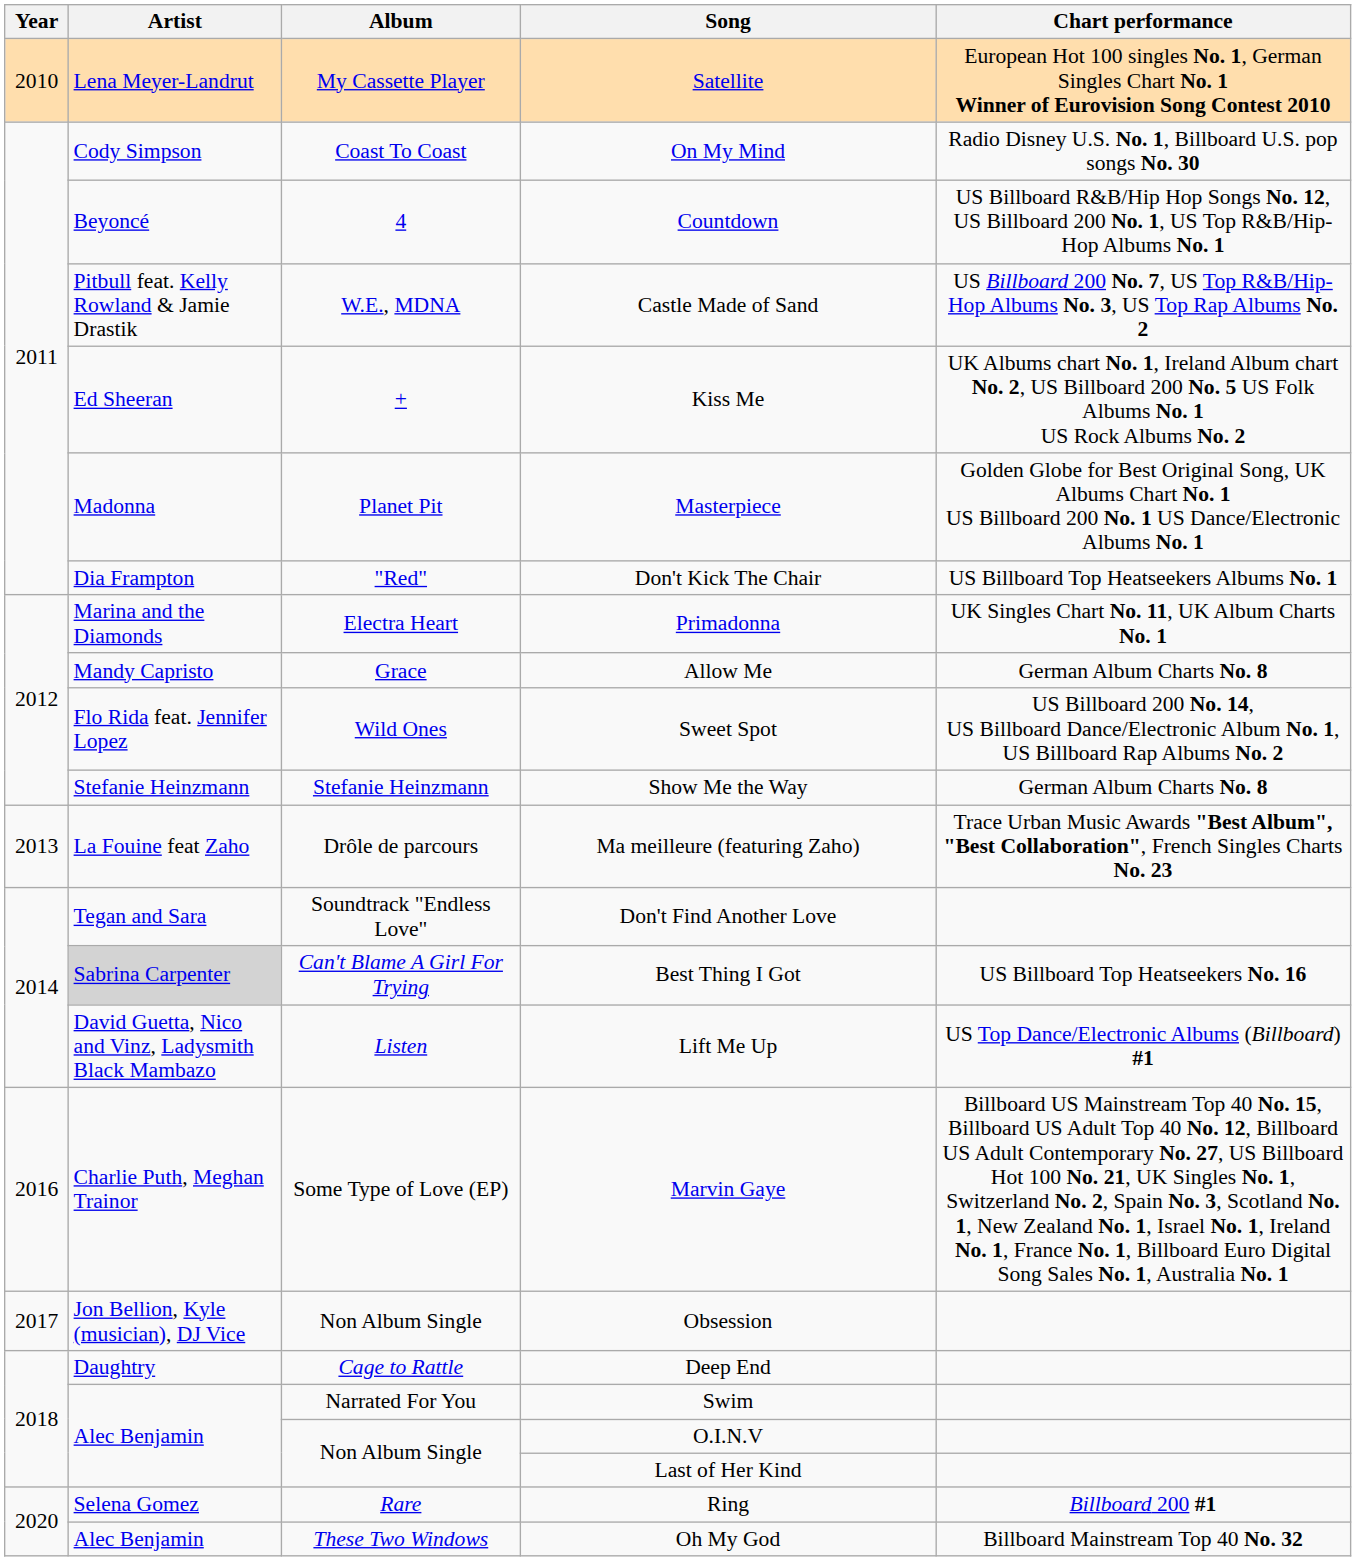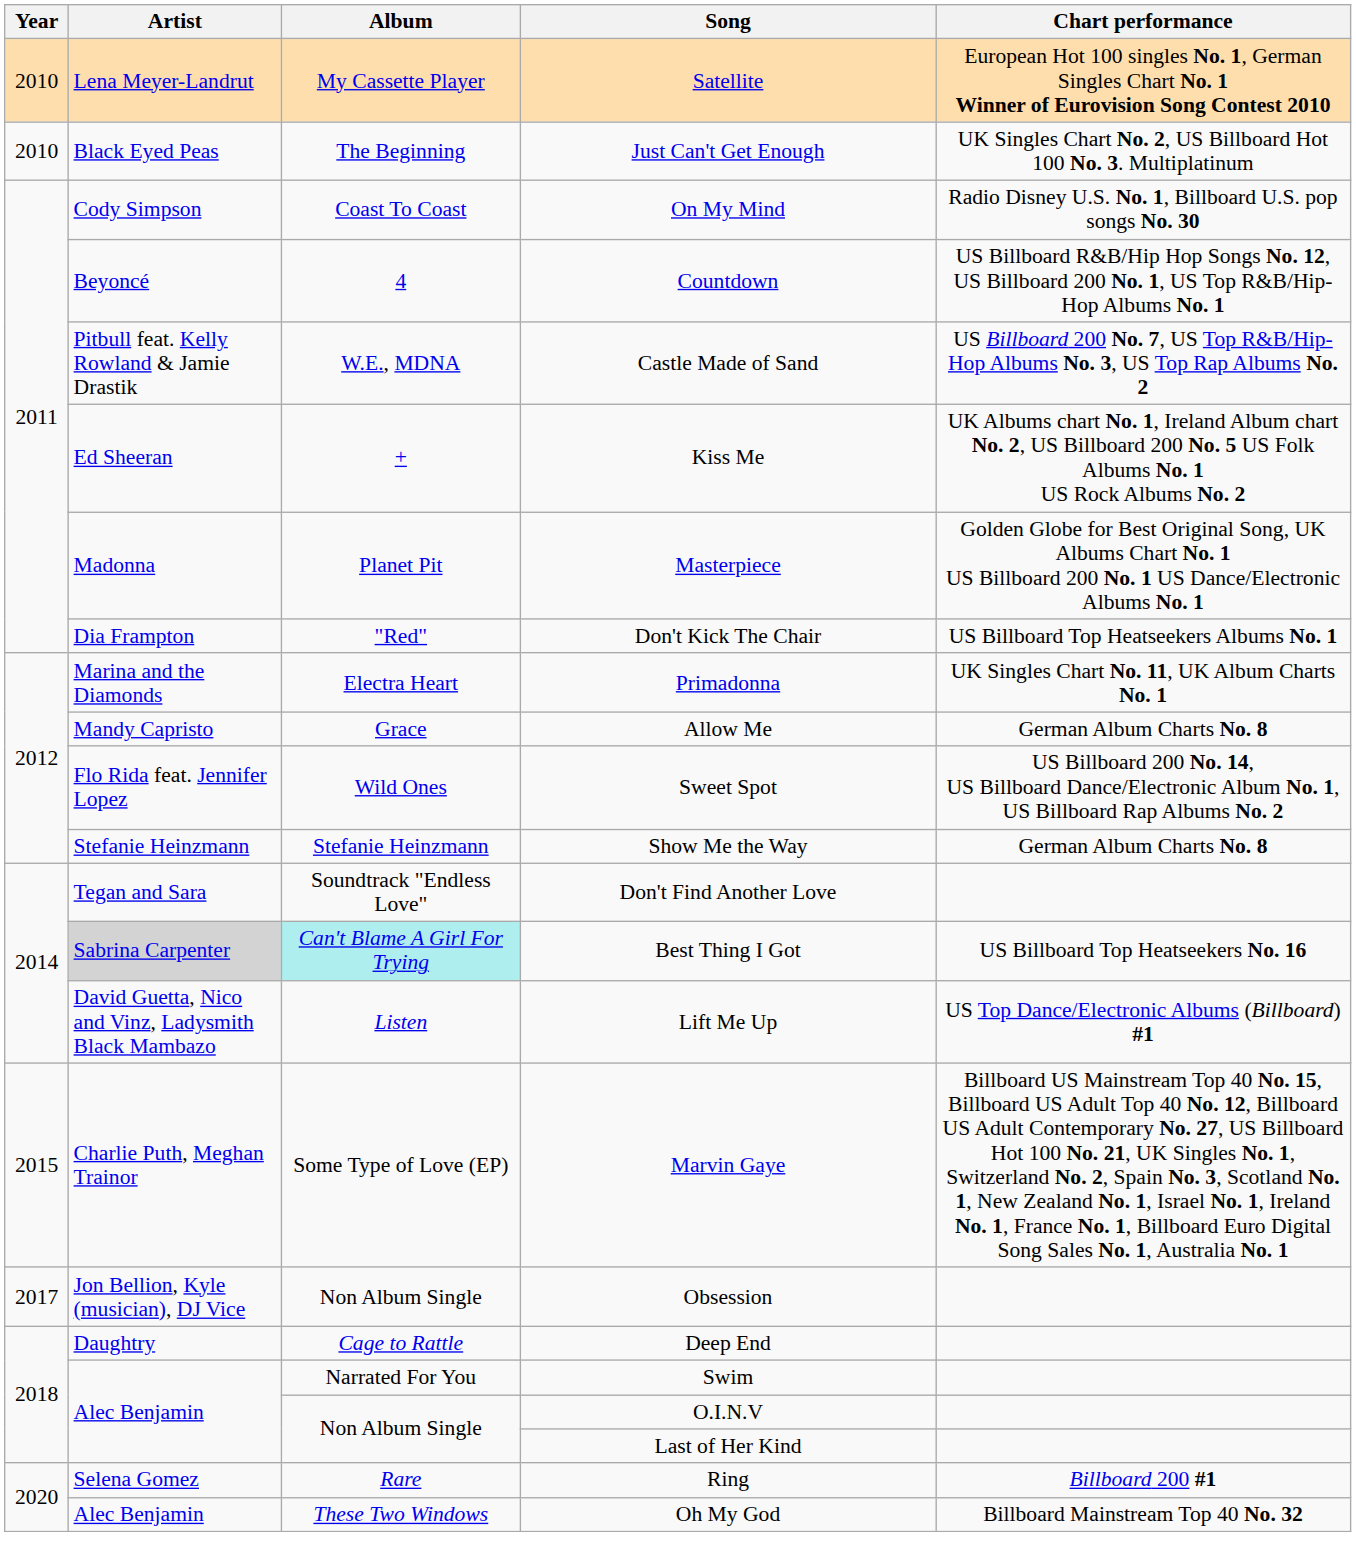 <table class="wikitable">
 <tr>
 <th align="center" valign="top" width="40">Year</th>
 <th align="center" valign="top" width="150">Artist</th>
 <th align="center" valign="top" width="170">Album</th>
 <th align="center" valign="top" width="300">Song</th>
 <th align="center" valign="top" width="300">Chart performance</th>
 </tr>
 <tr bgcolor="navajowhite">
 <td align="center">2010</td>
 <td align="left"><a href='#'>Lena Meyer-Landrut</a></td>
 <td align="center"><a href='#'>My Cassette Player</a></td>
 <td align="center"><a href='#'>Satellite</a></td>
 <td align="center">European Hot 100 singles <strong>No. 1</strong>, German Singles Chart <strong>No. 1</strong> <br> <strong>Winner of Eurovision Song Contest 2010</strong></td>
+</tr>
+<tr>
+<td align="center">2010</td>
+<td align="left"><a href='#'>Black Eyed Peas</a></td>
+<td align="center"><a href='#'>The Beginning</a></td>
+<td align="center"><a href='#'>Just Can't Get Enough</a></td>
+<td align="center">UK Singles Chart <strong>No. 2</strong>, US Billboard Hot 100 <strong>No. 3</strong>. Multiplatinum</td>
 </tr>
 <tr>
 <td rowspan="6" align="center">2011</td>
 <td align="left"><a href='#'>Cody Simpson</a></td>
 <td align="center"><a href='#'>Coast To Coast</a></td>
 <td align="center"><a href='#'>On My Mind</a></td>
 <td align="center">Radio Disney U.S. <strong>No. 1</strong>, Billboard U.S. pop songs <strong>No. 30</strong></td>
 </tr>
 <tr>
 <td align="left"><a href='#'>Beyoncé</a></td>
 <td align="center"><a href='#'>4</a></td>
 <td align="center"><a href='#'>Countdown</a></td>
 <td align="center">US Billboard R&B/Hip Hop Songs <strong>No. 12</strong>, US Billboard 200 <strong>No. 1</strong>, US Top R&B/Hip-Hop Albums <strong>No. 1</strong></td>
 </tr>
 <tr>
 <td align="left"><a href='#'>Pitbull</a> feat. <a href='#'>Kelly Rowland</a> & Jamie Drastik</td>
 <td align="center"><a href='#'>W.E.</a>, <a href='#'>MDNA</a></td>
 <td align="center">Castle Made of Sand</td>
 <td align="center">US <a href='#'><em>Billboard</em> 200</a> <strong>No. 7</strong>, US <a href='#'>Top R&B/Hip-Hop Albums</a> <strong>No. 3</strong>, US <a href='#'>Top Rap Albums</a> <strong>No. 2</strong></td>
 </tr>
 <tr>
 <td align="left"><a href='#'>Ed Sheeran</a></td>
 <td align="center"><a href='#'>+</a></td>
 <td align="center">Kiss Me</td>
 <td align="center">UK Albums chart <strong>No. 1</strong>, Ireland Album chart <strong>No. 2</strong>, US Billboard 200 <strong>No. 5</strong> US Folk Albums <strong>No. 1</strong><br>US Rock Albums <strong>No. 2</strong></td>
 </tr>
 <tr>
 <td align="left"><a href='#'>Madonna</a></td>
 <td align="center"><a href='#'>Planet Pit</a></td>
 <td align="center"><a href='#'>Masterpiece</a></td>
 <td align="center">Golden Globe for Best Original Song, UK Albums Chart <strong>No. 1</strong><br>US Billboard 200 <strong>No. 1</strong> US Dance/Electronic Albums <strong>No. 1</strong></td>
 </tr>
 <tr>
 <td align="left"><a href='#'>Dia Frampton</a></td>
 <td align="center"><a href='#'>"Red"</a></td>
 <td align="center">Don't Kick The Chair</td>
 <td align="center">US Billboard Top Heatseekers Albums <strong>No. 1</strong></td>
 </tr>
 <tr>
 <td rowspan="4" align="center">2012</td>
 <td align="left"><a href='#'>Marina and the Diamonds</a></td>
 <td align="center"><a href='#'>Electra Heart</a></td>
 <td align="center"><a href='#'>Primadonna</a></td>
 <td align="center">UK Singles Chart <strong>No. 11</strong>, UK Album Charts <strong>No. 1</strong></td>
 </tr>
 <tr>
 <td align="left"><a href='#'>Mandy Capristo</a></td>
 <td align="center"><a href='#'>Grace</a></td>
 <td align="center">Allow Me</td>
 <td align="center">German Album Charts <strong>No. 8</strong></td>
 </tr>
 <tr>
 <td align="left"><a href='#'>Flo Rida</a> feat. <a href='#'>Jennifer Lopez</a></td>
 <td align="center"><a href='#'>Wild Ones</a></td>
 <td align="center">Sweet Spot</td>
 <td align="center">US Billboard 200 <strong>No. 14</strong>,<br>US Billboard Dance/Electronic Album <strong>No. 1</strong>, US Billboard Rap Albums <strong>No. 2</strong></td>
 </tr>
 <tr>
 <td align="left"><a href='#'>Stefanie Heinzmann</a></td>
 <td align="center"><a href='#'>Stefanie Heinzmann</a></td>
 <td align="center">Show Me the Way</td>
 <td align="center">German Album Charts <strong>No. 8</strong></td>
 </tr>
 <tr>
-<td align="center">2013</td>
-<td align="left"><a href='#'>La Fouine</a> feat <a href='#'>Zaho</a></td>
-<td align="center">Drôle de parcours</td>
-<td align="center">Ma meilleure (featuring Zaho)</td>
-<td align="center">Trace Urban Music Awards <strong>"Best Album", "Best Collaboration"</strong>, French Singles Charts <strong>No. 23</strong></td>
-</tr>
-<tr>
 <td rowspan="3" align="center">2014</td>
 <td align="left"><a href='#'>Tegan and Sara</a></td>
 <td align="center">Soundtrack "Endless Love"</td>
 <td align="center">Don't Find Another Love</td>
 <td align="center"></td>
 </tr>
 <tr>
 <td align="left" style="background: lightgrey;"><a href='#'>Sabrina Carpenter</a></td>
-<td align="center"><a href='#'><em>Can't Blame A Girl For Trying</em></a></td>
+<td align="center" style="background: paleturquoise;"><a href='#'><em>Can't Blame A Girl For Trying</em></a></td>
 <td align="center">Best Thing I Got</td>
 <td align="center">US Billboard Top Heatseekers <strong>No. 16</strong></td>
 </tr>
 <tr>
 <td align="left"><a href='#'>David Guetta</a>, <a href='#'>Nico and Vinz</a>, <a href='#'>Ladysmith Black Mambazo</a></td>
 <td align="center"><a href='#'><em>Listen</em></a></td>
 <td align="center">Lift Me Up</td>
 <td align="center">US <a href='#'>Top Dance/Electronic Albums</a> (<em>Billboard</em>) <strong>#1</strong></td>
 </tr>
 <tr>
-<td align="center">2016</td>
+<td align="center">2015</td>
 <td align="left"><a href='#'>Charlie Puth</a>, <a href='#'>Meghan Trainor</a></td>
 <td align="center">Some Type of Love (EP)</td>
 <td align="center"><a href='#'>Marvin Gaye</a></td>
 <td align="center">Billboard US Mainstream Top 40 <strong>No. 15</strong>, Billboard US Adult Top 40 <strong>No. 12</strong>, Billboard US Adult Contemporary  <strong>No. 27</strong>, US Billboard Hot 100 <strong>No. 21</strong>, UK Singles <strong>No. 1</strong>, Switzerland <strong>No. 2</strong>, Spain <strong>No. 3</strong>, Scotland <strong>No. 1</strong>, New Zealand <strong>No. 1</strong>, Israel <strong>No. 1</strong>, Ireland <strong>No. 1</strong>, France <strong>No. 1</strong>, Billboard Euro Digital Song Sales <strong>No. 1</strong>, Australia <strong>No. 1</strong></td>
 </tr>
 <tr>
 <td align="center">2017</td>
 <td align="left"><a href='#'>Jon Bellion</a>, <a href='#'>Kyle (musician)</a>, <a href='#'>DJ Vice</a></td>
 <td align="center">Non Album Single</td>
 <td align="center">Obsession</td>
 <td align="center"></td>
 </tr>
 <tr>
 <td rowspan="4" align="center">2018</td>
 <td align="left"><a href='#'>Daughtry</a></td>
 <td align="center"><em><a href='#'>Cage to Rattle</a></em></td>
 <td align="center">Deep End</td>
 <td align="center"></td>
 </tr>
 <tr>
 <td rowspan="3" align="left"><a href='#'>Alec Benjamin</a></td>
 <td align="center">Narrated For You</td>
 <td align="center">Swim</td>
 <td align="center"></td>
 </tr>
 <tr>
 <td rowspan="2" align="center">Non Album Single</td>
 <td align="center">O.I.N.V</td>
 <td align="center"></td>
 </tr>
 <tr>
 <td align="center">Last of Her Kind</td>
 <td align="center"></td>
 </tr>
 <tr>
 <td rowspan="2" align="center">2020</td>
 <td align="left"><a href='#'>Selena Gomez</a></td>
 <td align="center"><em><a href='#'>Rare</a></em></td>
 <td align="center">Ring</td>
 <td align="center"><a href='#'><em>Billboard</em> 200</a> <strong>#1</strong></td>
 </tr>
 <tr>
 <td align="left"><a href='#'>Alec Benjamin</a></td>
 <td align="center"><em><a href='#'>These Two Windows</a></em></td>
 <td align="center">Oh My God</td>
 <td align="center">Billboard Mainstream Top 40 <strong>No. 32</strong></td>
 </tr>
 </table>
